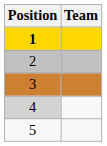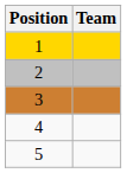 <table class="wikitable" style="text-align:center;">
 <tr>
 <th>Position</th>
 <th>Team</th>
 </tr>
 <tr style="background:#FFD700;">
-<td><strong>1</strong></td>
+<td>1</td>
 <td></td>
 </tr>
 <tr style="background:#C0C0C0;">
 <td>2</td>
 <td></td>
 </tr>
 <tr style="background:#CD7F32;">
 <td>3</td>
 <td></td>
 </tr>
 <tr>
-<td style="background: lightgrey;">4</td>
+<td>4</td>
 <td></td>
 </tr>
 <tr>
 <td>5</td>
 <td></td>
 </tr>
 </table>
